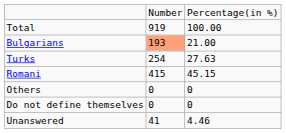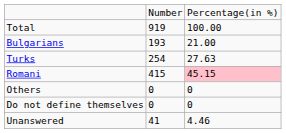 <table class="wikitable">
 <tr>
 <td></td>
 <td>Number</td>
 <td>Percentage(in %)</td>
 </tr>
 <tr>
 <td>Total</td>
 <td>919</td>
 <td>100.00</td>
 </tr>
 <tr>
 <td><a href='#'>Bulgarians</a></td>
-<td style="background: lightsalmon;">193</td>
+<td>193</td>
 <td>21.00</td>
 </tr>
 <tr>
 <td><a href='#'>Turks</a></td>
 <td>254</td>
 <td>27.63</td>
 </tr>
 <tr>
 <td><a href='#'>Romani</a></td>
 <td>415</td>
-<td>45.15</td>
+<td style="background: pink;">45.15</td>
 </tr>
 <tr>
 <td>Others</td>
 <td>0</td>
 <td>0</td>
 </tr>
 <tr>
 <td>Do not define themselves</td>
 <td>0</td>
 <td>0</td>
 </tr>
 <tr>
 <td>Unanswered</td>
 <td>41</td>
 <td>4.46</td>
 </tr>
 </table>
